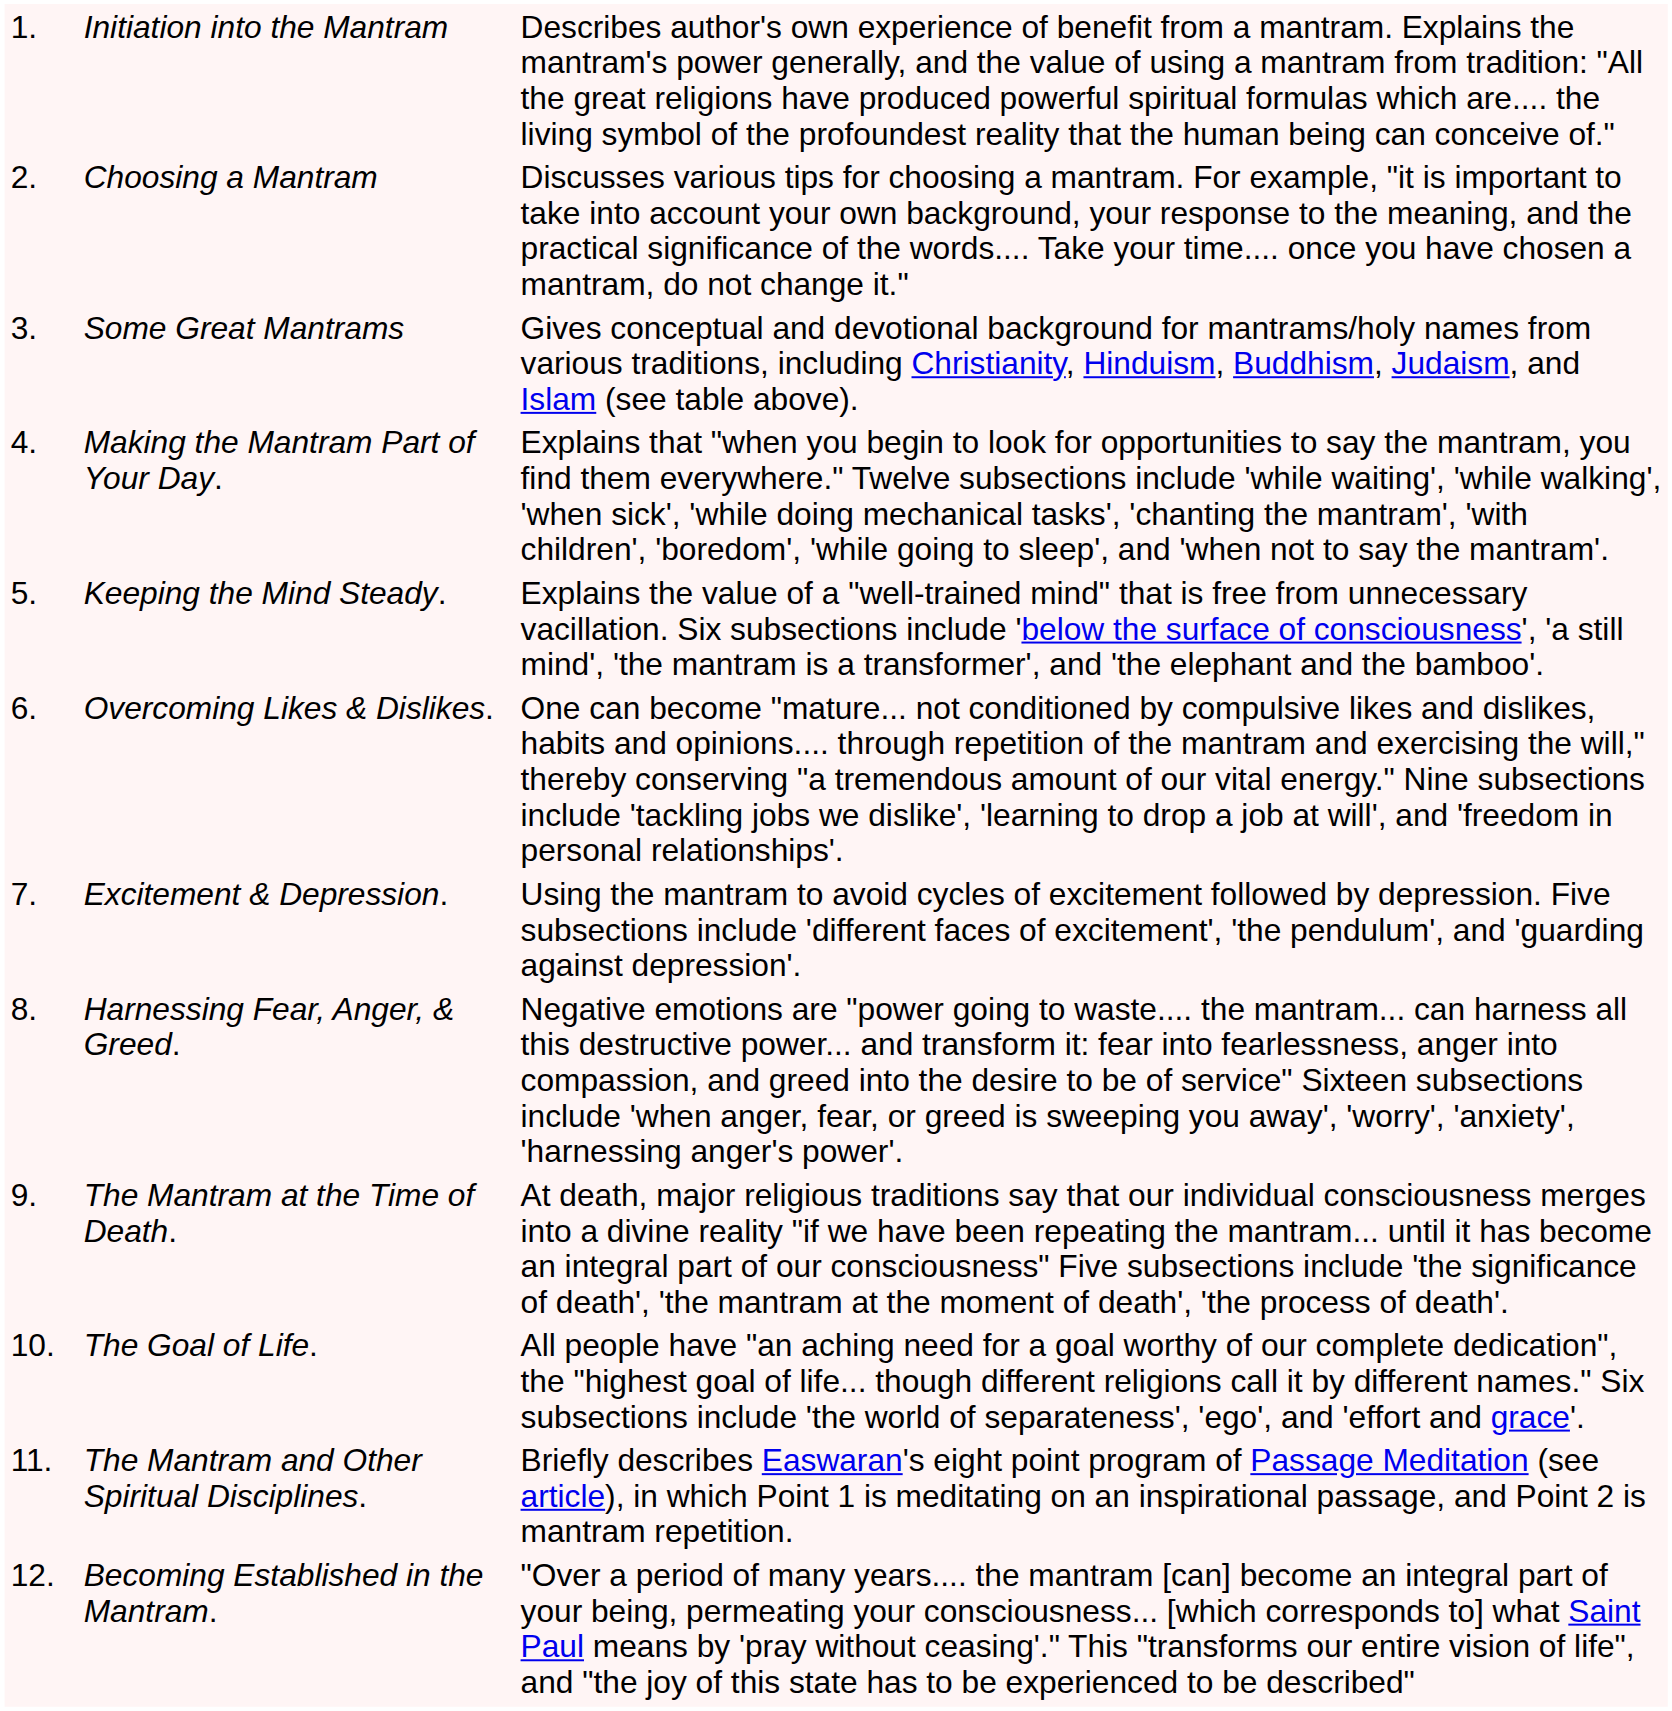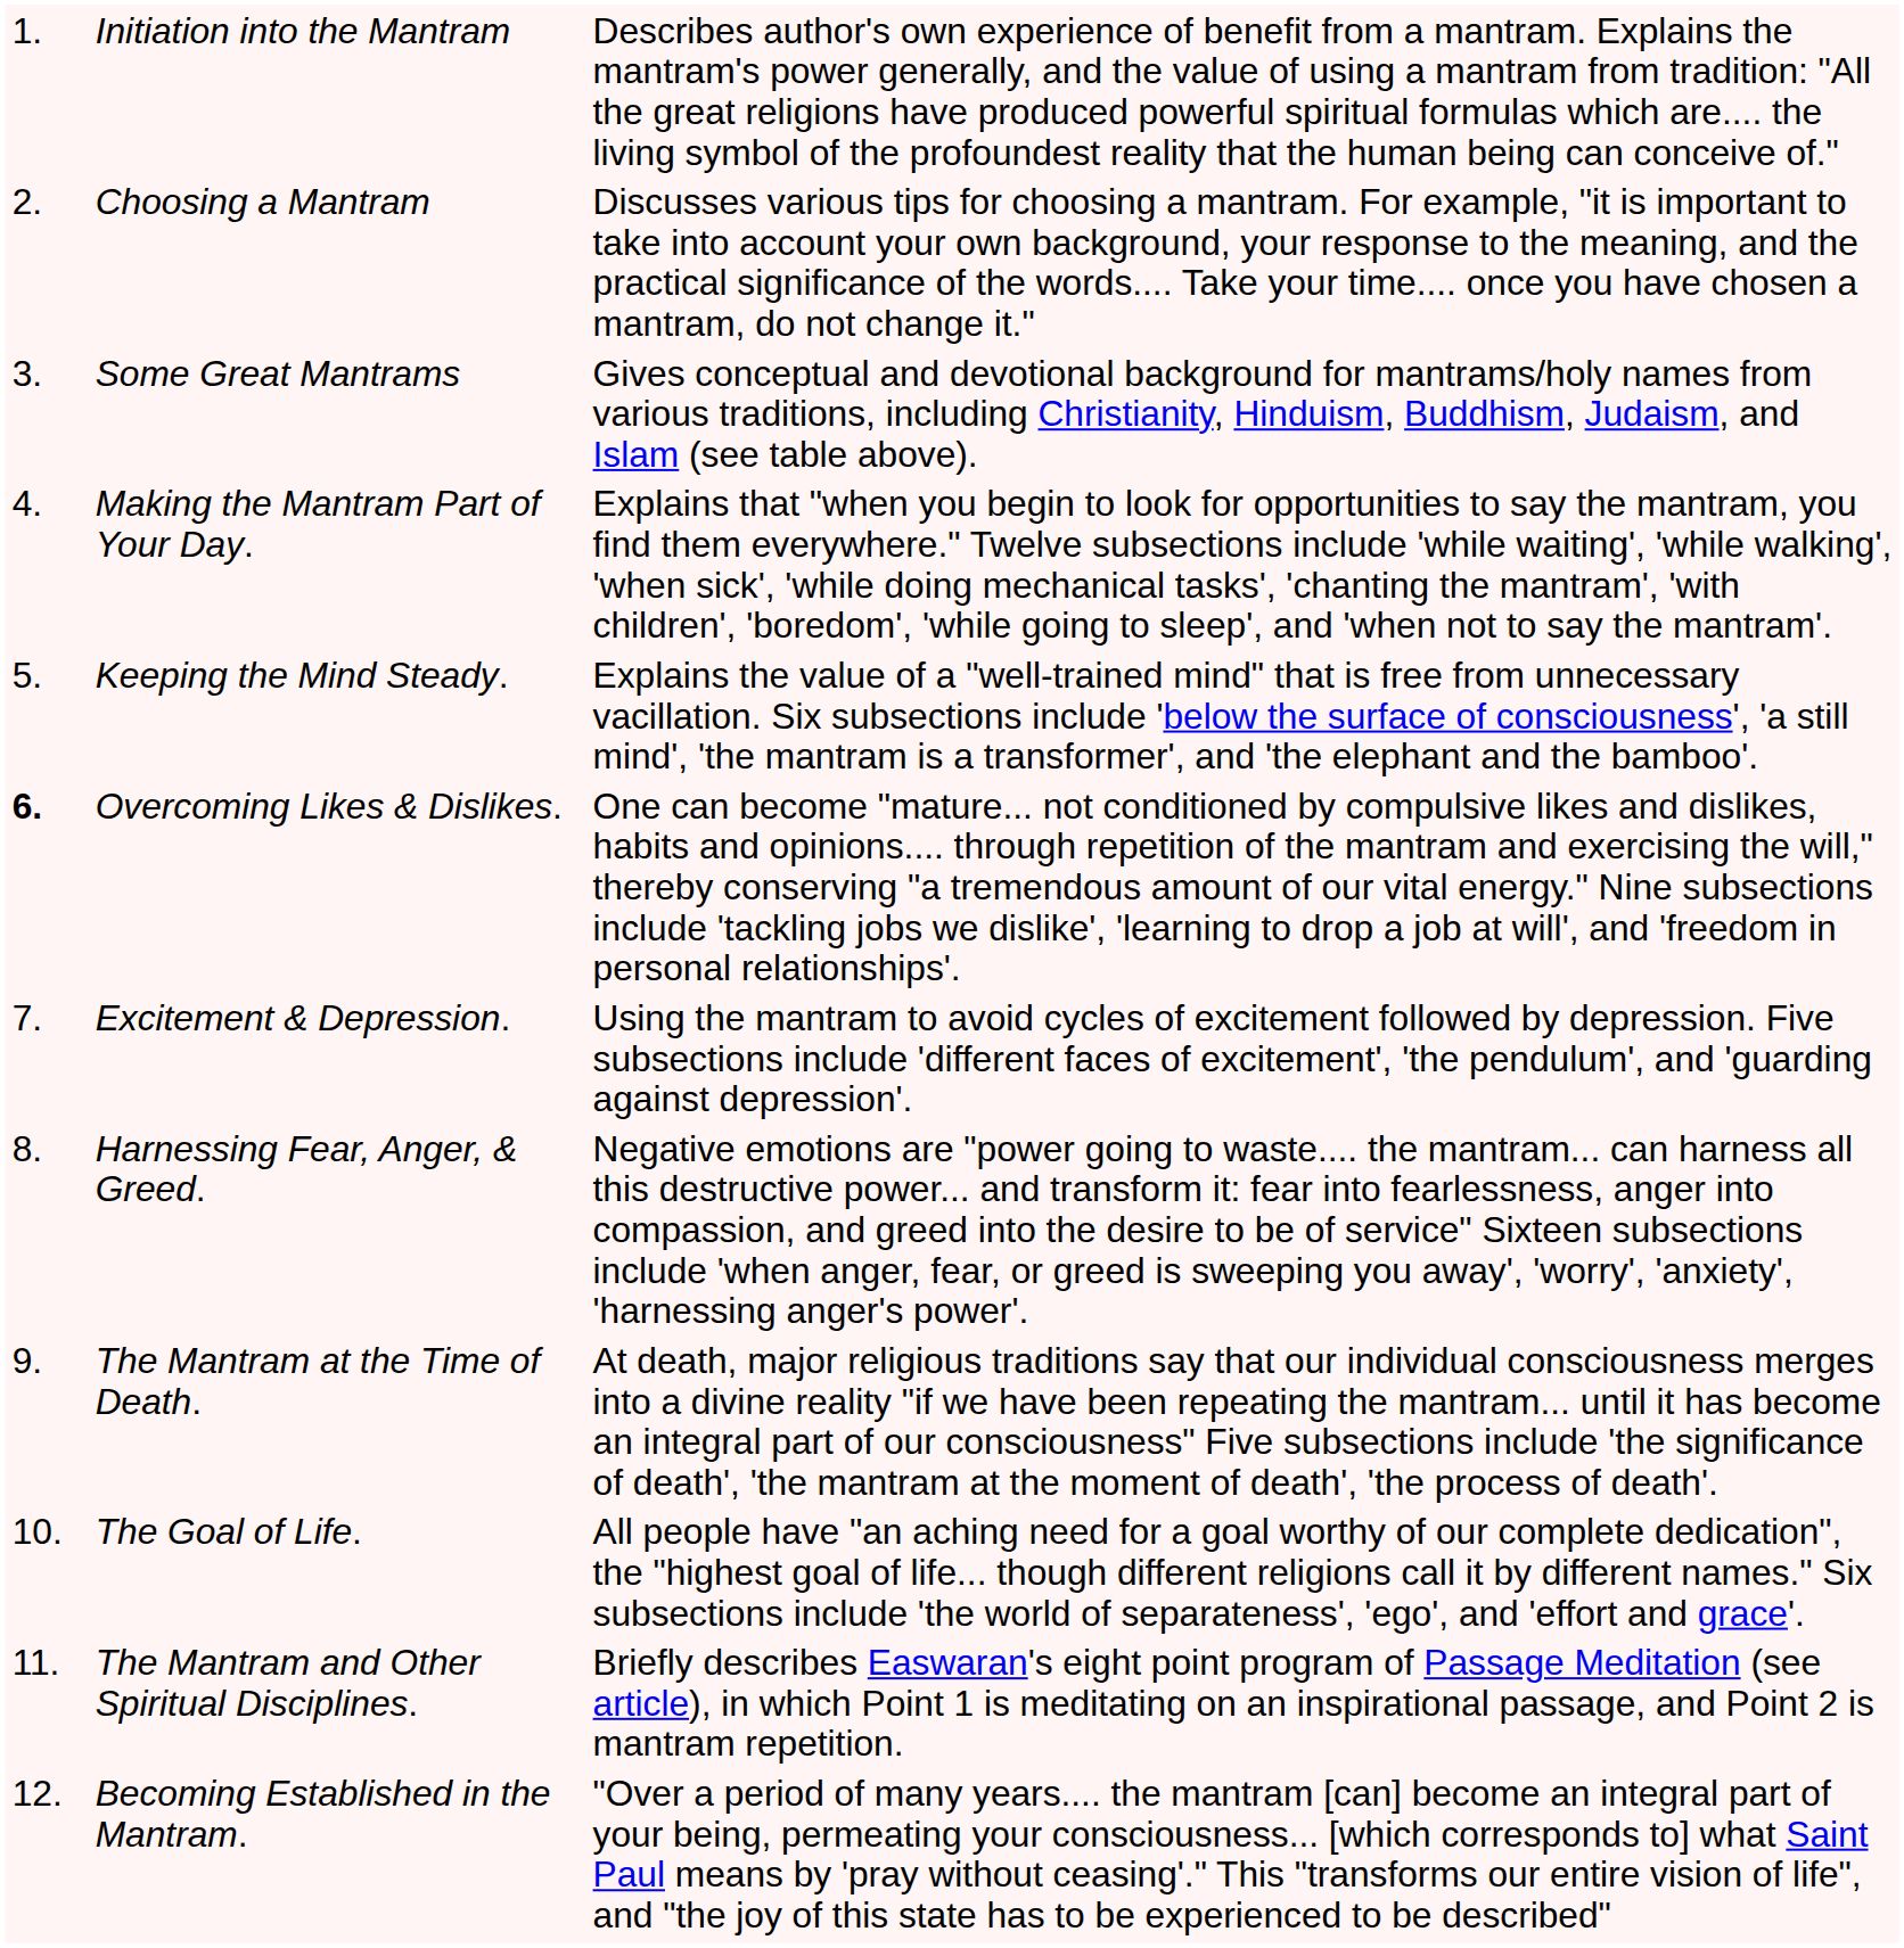 <table width=95% cellspacing=2 style="background-color: #FFF5F5;" align="center" >
 <tr valign="top">
 <td width="10">1.</td>
 <td width="150"><em>Initiation into the Mantram</em></td>
 <td width="400">Describes author's own experience of benefit from a mantram. Explains the mantram's power generally, and the value of using a mantram from tradition: "All the great religions have produced powerful spiritual formulas which are.... the living symbol of the profoundest reality that the human being can conceive of."</td>
 </tr>
 <tr valign="top">
 <td>2.</td>
 <td><em>Choosing a Mantram</em></td>
 <td>Discusses various tips for choosing a mantram. For example, "it is important to take into account your own background, your response to the meaning, and the practical significance of the words.... Take your time.... once you have chosen a mantram, do not change it."</td>
 </tr>
 <tr valign="top">
 <td>3.</td>
 <td><em>Some Great Mantrams</em></td>
 <td>Gives conceptual and devotional background for mantrams/holy names from various traditions, including <a href='#'>Christianity</a>, <a href='#'>Hinduism</a>, <a href='#'>Buddhism</a>, <a href='#'>Judaism</a>, and <a href='#'>Islam</a> (see table above).</td>
 </tr>
 <tr valign="top">
 <td>4.</td>
 <td><em>Making the Mantram Part of Your Day</em>.</td>
 <td>Explains that "when you begin to look for opportunities to say the mantram, you find them everywhere." Twelve subsections include 'while waiting', 'while walking', 'when sick', 'while doing mechanical tasks', 'chanting the mantram', 'with children', 'boredom', 'while going to sleep', and 'when not to say the mantram'.</td>
 </tr>
 <tr valign="top">
 <td>5.</td>
 <td><em>Keeping the Mind Steady</em>.</td>
 <td>Explains the value of a "well-trained mind" that is free from unnecessary vacillation. Six subsections include '<a href='#'>below the surface of consciousness</a>', 'a still mind', 'the mantram is a transformer', and 'the elephant and the bamboo'.</td>
 </tr>
 <tr valign="top">
-<td>6.</td>
+<td><strong>6.</strong></td>
 <td><em>Overcoming Likes & Dislikes</em>.</td>
 <td>One can become "mature... not conditioned by compulsive likes and dislikes, habits and opinions.... through repetition of the mantram and exercising the will," thereby conserving "a tremendous amount of our vital energy." Nine subsections include 'tackling jobs we dislike', 'learning to drop a job at will', and 'freedom in personal relationships'.</td>
 </tr>
 <tr valign="top">
 <td>7.</td>
 <td><em>Excitement & Depression</em>.</td>
 <td>Using the mantram to avoid cycles of excitement followed by depression. Five subsections include 'different faces of excitement', 'the pendulum', and 'guarding against depression'.</td>
 </tr>
 <tr valign="top">
 <td>8.</td>
 <td><em>Harnessing Fear, Anger, & Greed</em>.</td>
 <td>Negative emotions are "power going to waste.... the mantram... can harness all this destructive power... and transform it: fear into fearlessness, anger into compassion, and greed into the desire to be of service" Sixteen subsections include 'when anger, fear, or greed is sweeping you away', 'worry', 'anxiety', 'harnessing anger's power'.</td>
 </tr>
 <tr valign="top">
 <td>9.</td>
 <td><em>The Mantram at the Time of Death</em>.</td>
 <td>At death, major religious traditions say that our individual consciousness merges into a divine reality "if we have been repeating the mantram... until it has become an integral part of our consciousness" Five subsections include 'the significance of death', 'the mantram at the moment of death', 'the process of death'.</td>
 </tr>
 <tr valign="top">
 <td>10.</td>
 <td><em>The Goal of Life</em>.</td>
 <td>All people have "an aching need for a goal worthy of our complete dedication", the "highest goal of life... though different religions call it by different names." Six subsections include 'the world of separateness', 'ego', and 'effort and <a href='#'>grace</a>'.</td>
 </tr>
 <tr valign="top">
 <td>11.</td>
 <td><em>The Mantram and Other Spiritual Disciplines</em>.</td>
 <td>Briefly describes <a href='#'>Easwaran</a>'s eight point program of <a href='#'>Passage Meditation</a> (see <a href='#'>article</a>), in which Point 1 is meditating on an inspirational passage, and Point 2 is mantram repetition.</td>
 </tr>
 <tr valign="top">
 <td>12.</td>
 <td><em>Becoming Established in the Mantram</em>.</td>
 <td>"Over a period of many years.... the mantram [can] become an integral part of your being, permeating your consciousness... [which corresponds to] what <a href='#'>Saint Paul</a> means by 'pray without ceasing'." This "transforms our entire vision of life", and "the joy of this state has to be experienced to be described"</td>
 </tr>
 </table>
